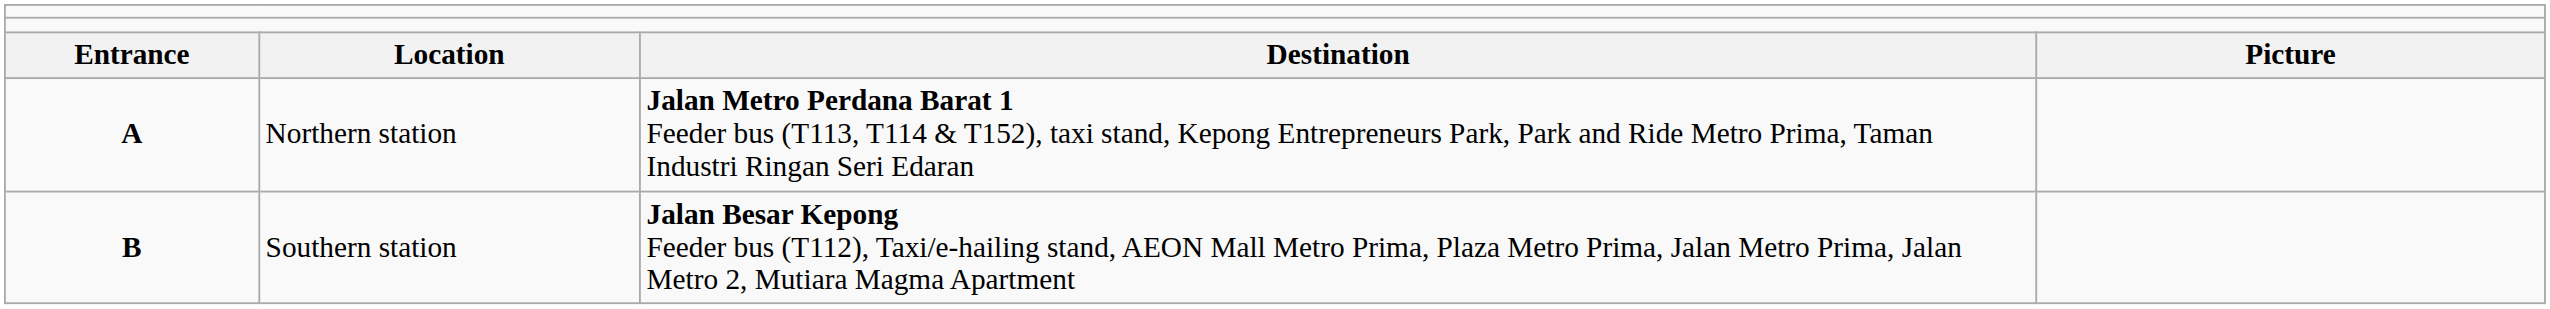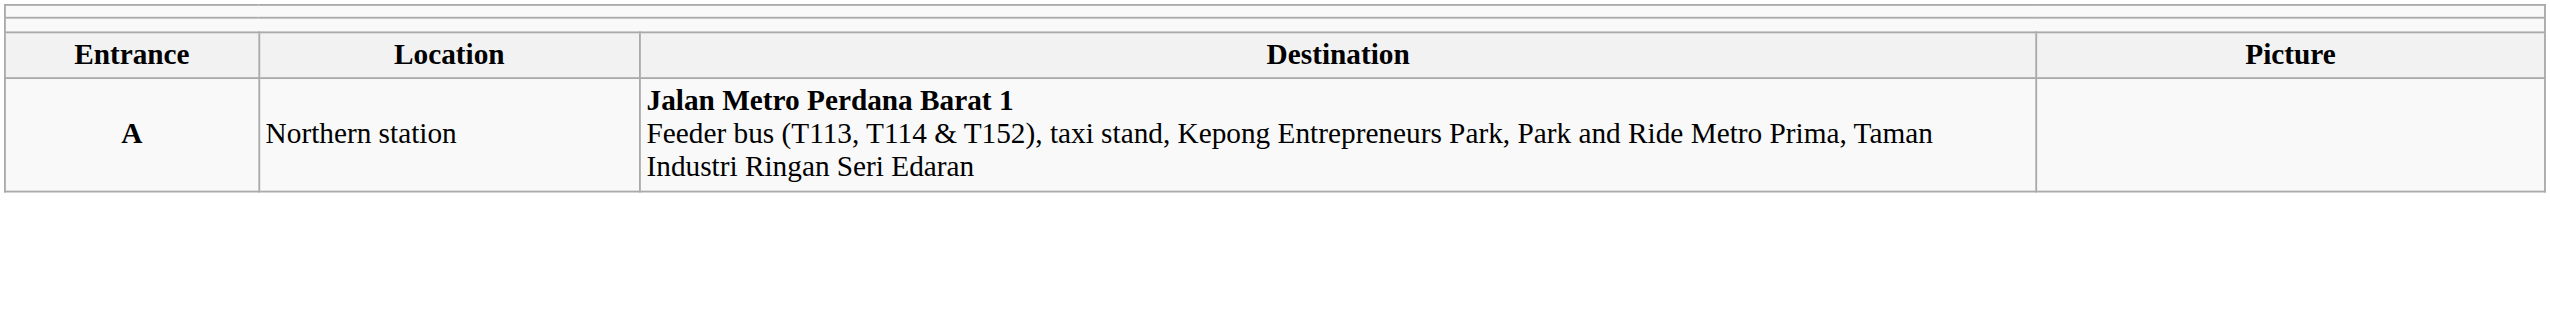 <table class="wikitable" style="width:70%">
 <tr>
 <td colspan="4" align="center"></td>
 </tr>
 <tr>
 <td colspan="4" align="center"></td>
 </tr>
 <tr>
 <th style="width:10%">Entrance</th>
 <th style="width:15%">Location</th>
 <th style="width:55%">Destination</th>
 <th style="width:20%">Picture</th>
 </tr>
 <tr>
 <td align="center"><strong><span>A</span></strong></td>
 <td>Northern station</td>
 <td><strong>Jalan Metro Perdana Barat 1</strong>    <br> Feeder bus (T113, T114 & T152), taxi stand, Kepong Entrepreneurs Park, Park and Ride Metro Prima, Taman Industri Ringan Seri Edaran</td>
 <td></td>
 </tr>
-<tr>
-<td align="center"><strong><span>B</span></strong></td>
-<td>Southern station</td>
-<td><strong>Jalan Besar Kepong</strong>     <br>Feeder bus (T112), Taxi/e-hailing stand, AEON Mall Metro Prima, Plaza Metro Prima, Jalan Metro Prima, Jalan Metro 2, Mutiara Magma Apartment</td>
-<td></td>
-</tr>
 </table>
